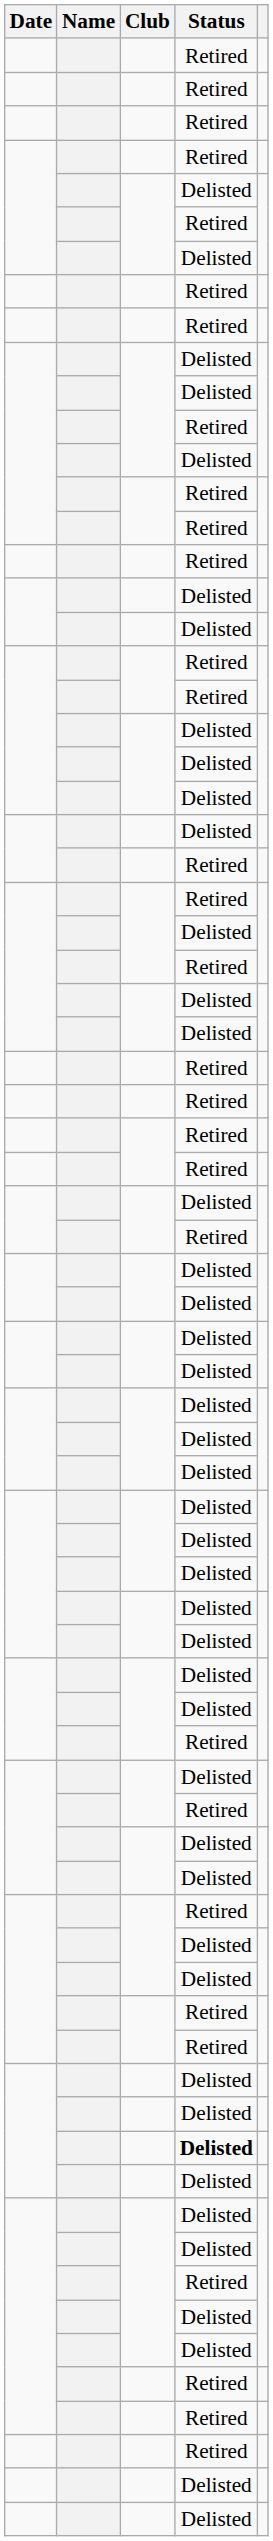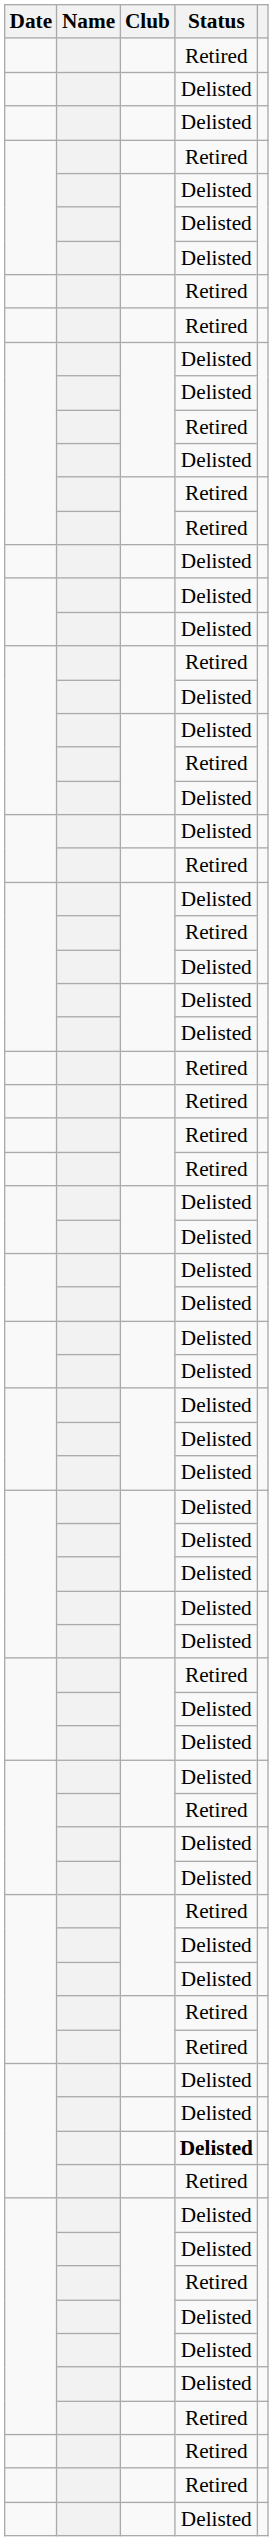 <table class="wikitable sortable plainrowheaders" style="text-align:center;">
 <tr>
 <th scope="col">Date</th>
 <th scope="col">Name</th>
 <th scope="col">Club</th>
 <th scope="col">Status</th>
 <th class="unsortable"></th>
 </tr>
 <tr>
 <td></td>
 <th scope="row"></th>
 <td></td>
 <td>Retired</td>
 <td></td>
 </tr>
 <tr>
 <td></td>
 <th scope="row"></th>
 <td></td>
-<td>Retired</td>
+<td>Delisted</td>
 <td></td>
 </tr>
 <tr>
 <td></td>
 <th scope="row"></th>
 <td></td>
-<td>Retired</td>
+<td>Delisted</td>
 <td></td>
 </tr>
 <tr>
 <td rowspan=4></td>
 <th scope="row"></th>
 <td></td>
 <td>Retired</td>
 <td></td>
 </tr>
 <tr>
 <th scope="row"></th>
 <td rowspan=3></td>
 <td>Delisted</td>
 <td rowspan=3></td>
 </tr>
 <tr>
 <th scope="row"></th>
-<td>Retired</td>
+<td>Delisted</td>
 </tr>
 <tr>
 <th scope="row"></th>
 <td>Delisted</td>
 </tr>
 <tr>
 <td></td>
 <th scope="row"></th>
 <td></td>
 <td>Retired</td>
 <td></td>
 </tr>
 <tr>
 <td></td>
 <th scope="row"></th>
 <td></td>
 <td>Retired</td>
 <td></td>
 </tr>
 <tr>
 <td rowspan=6></td>
 <th scope="row"></th>
 <td rowspan=4></td>
 <td>Delisted</td>
 <td rowspan=4></td>
 </tr>
 <tr>
 <th scope="row"></th>
 <td>Delisted</td>
 </tr>
 <tr>
 <th scope="row"></th>
 <td>Retired</td>
 </tr>
 <tr>
 <th scope="row"></th>
 <td>Delisted</td>
 </tr>
 <tr>
 <th scope="row"></th>
 <td rowspan=2></td>
 <td>Retired</td>
 <td rowspan=2></td>
 </tr>
 <tr>
 <th scope="row"></th>
 <td>Retired</td>
 </tr>
 <tr>
 <td></td>
 <th scope="row"></th>
 <td></td>
-<td>Retired</td>
+<td>Delisted</td>
 <td></td>
 </tr>
 <tr>
 <td rowspan=2></td>
 <th scope="row"></th>
 <td></td>
 <td>Delisted</td>
 <td></td>
 </tr>
 <tr>
 <th scope="row"></th>
 <td></td>
 <td>Delisted</td>
 <td></td>
 </tr>
 <tr>
 <td rowspan=5></td>
 <th scope="row"></th>
 <td rowspan=2></td>
 <td>Retired</td>
 <td rowspan=2></td>
 </tr>
 <tr>
 <th scope="row"></th>
-<td>Retired</td>
+<td>Delisted</td>
 </tr>
 <tr>
 <th scope="row"></th>
 <td rowspan=3></td>
 <td>Delisted</td>
 <td rowspan=3></td>
 </tr>
 <tr>
 <th scope="row"></th>
-<td>Delisted</td>
+<td>Retired</td>
 </tr>
 <tr>
 <th scope="row"></th>
 <td>Delisted</td>
 </tr>
 <tr>
 <td rowspan=2></td>
 <th scope="row"></th>
 <td></td>
 <td>Delisted</td>
 <td></td>
 </tr>
 <tr>
 <th scope="row"></th>
 <td></td>
 <td>Retired</td>
 <td></td>
 </tr>
 <tr>
 <td rowspan=5></td>
 <th scope="row"></th>
 <td rowspan=3></td>
-<td>Retired</td>
+<td>Delisted</td>
 <td rowspan=3></td>
 </tr>
 <tr>
 <th scope="row"></th>
-<td>Delisted</td>
+<td>Retired</td>
 </tr>
 <tr>
 <th scope="row"></th>
-<td>Retired</td>
+<td>Delisted</td>
 </tr>
 <tr>
 <th scope="row"></th>
 <td rowspan=2></td>
 <td>Delisted</td>
 <td rowspan=2></td>
 </tr>
 <tr>
 <th scope="row"></th>
 <td>Delisted</td>
 </tr>
 <tr>
 <td></td>
 <th scope="row"></th>
 <td></td>
 <td>Retired</td>
 <td></td>
 </tr>
 <tr>
 <td></td>
 <th scope="row"></th>
 <td></td>
 <td>Retired</td>
 <td></td>
 </tr>
 <tr>
 <td></td>
 <th scope="row"></th>
 <td rowspan=2></td>
 <td>Retired</td>
 <td></td>
 </tr>
 <tr>
 <td></td>
 <th scope="row"></th>
 <td>Retired</td>
 <td></td>
 </tr>
 <tr>
 <td rowspan=2></td>
 <th scope="row"></th>
 <td rowspan=2></td>
 <td>Delisted</td>
 <td rowspan=2></td>
 </tr>
 <tr>
 <th scope="row"></th>
-<td>Retired</td>
+<td>Delisted</td>
 </tr>
 <tr>
 <td rowspan=2></td>
 <th scope="row"></th>
 <td rowspan=2></td>
 <td>Delisted</td>
 <td rowspan=2></td>
 </tr>
 <tr>
 <th scope="row"></th>
 <td>Delisted</td>
 </tr>
 <tr>
 <td rowspan=2></td>
 <th scope="row"></th>
 <td rowspan=2></td>
 <td>Delisted</td>
 <td rowspan=2></td>
 </tr>
 <tr>
 <th scope="row"></th>
 <td>Delisted</td>
 </tr>
 <tr>
 <td rowspan=3></td>
 <th scope="row"></th>
 <td rowspan=3></td>
 <td>Delisted</td>
 <td rowspan=3></td>
 </tr>
 <tr>
 <th scope="row"></th>
 <td>Delisted</td>
 </tr>
 <tr>
 <th scope="row"></th>
 <td>Delisted</td>
 </tr>
 <tr>
 <td rowspan=5></td>
 <th scope="row"></th>
 <td rowspan=3></td>
 <td>Delisted</td>
 <td rowspan=3></td>
 </tr>
 <tr>
 <th scope="row"></th>
 <td>Delisted</td>
 </tr>
 <tr>
 <th scope="row"></th>
 <td>Delisted</td>
 </tr>
 <tr>
 <th scope="row"></th>
 <td rowspan=2></td>
 <td>Delisted</td>
 <td rowspan=2></td>
 </tr>
 <tr>
 <th scope="row"></th>
 <td>Delisted</td>
 </tr>
 <tr>
 <td rowspan=3></td>
 <th scope="row"></th>
 <td rowspan=3></td>
-<td>Delisted</td>
+<td>Retired</td>
 <td rowspan=3></td>
 </tr>
 <tr>
 <th scope="row"></th>
 <td>Delisted</td>
 </tr>
 <tr>
 <th scope="row"></th>
-<td>Retired</td>
+<td>Delisted</td>
 </tr>
 <tr>
 <td rowspan=4></td>
 <th scope="row"></th>
 <td rowspan=2></td>
 <td>Delisted</td>
 <td rowspan=2></td>
 </tr>
 <tr>
 <th scope="row"></th>
 <td>Retired</td>
 </tr>
 <tr>
 <th scope="row"></th>
 <td rowspan=2></td>
 <td>Delisted</td>
 <td rowspan=2></td>
 </tr>
 <tr>
 <th scope="row"></th>
 <td>Delisted</td>
 </tr>
 <tr>
 <td rowspan=5></td>
 <th scope="row"></th>
 <td rowspan=3></td>
 <td>Retired</td>
 <td></td>
 </tr>
 <tr>
 <th scope="row"></th>
 <td>Delisted</td>
 <td rowspan=2></td>
 </tr>
 <tr>
 <th scope="row"></th>
 <td>Delisted</td>
 </tr>
 <tr>
 <th scope="row"></th>
 <td rowspan=2></td>
 <td>Retired</td>
 <td rowspan=2></td>
 </tr>
 <tr>
 <th scope="row"></th>
 <td>Retired</td>
 </tr>
 <tr>
 <td rowspan=4></td>
 <th scope="row"></th>
 <td></td>
 <td>Delisted</td>
 <td></td>
 </tr>
 <tr>
 <th scope="row"></th>
 <td></td>
 <td>Delisted</td>
 <td></td>
 </tr>
 <tr>
 <th scope="row"></th>
 <td></td>
 <td><strong>Delisted</strong></td>
 <td></td>
 </tr>
 <tr>
 <th scope="row"></th>
 <td></td>
-<td>Delisted</td>
+<td>Retired</td>
 <td></td>
 </tr>
 <tr>
 <td rowspan=7></td>
 <th scope="row"></th>
 <td rowspan=5></td>
 <td>Delisted</td>
 <td rowspan=5></td>
 </tr>
 <tr>
 <th scope="row"></th>
 <td>Delisted</td>
 </tr>
 <tr>
 <th scope="row"></th>
 <td>Retired</td>
 </tr>
 <tr>
 <th scope="row"></th>
 <td>Delisted</td>
 </tr>
 <tr>
 <th scope="row"></th>
 <td>Delisted</td>
 </tr>
 <tr>
 <th scope="row"></th>
 <td></td>
-<td>Retired</td>
+<td>Delisted</td>
 <td></td>
 </tr>
 <tr>
 <th scope="row"></th>
 <td></td>
 <td>Retired</td>
 <td></td>
 </tr>
 <tr>
 <td></td>
 <th scope="row"></th>
 <td></td>
 <td>Retired</td>
 <td></td>
 </tr>
 <tr>
 <td></td>
 <th scope="row"></th>
 <td></td>
-<td>Delisted</td>
+<td>Retired</td>
 <td></td>
 </tr>
 <tr>
 <td></td>
 <th scope="row"></th>
 <td></td>
 <td>Delisted</td>
 <td></td>
 </tr>
 </table>
